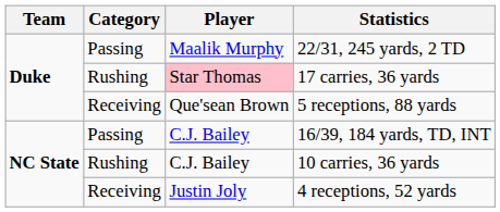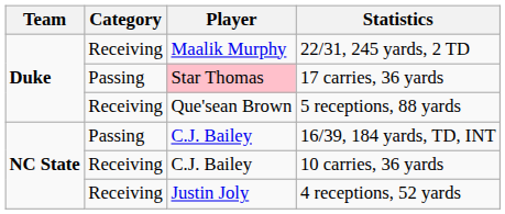 <table class="wikitable" style="float: right;">
 <tr>
 <th>Team</th>
 <th>Category</th>
 <th>Player</th>
 <th>Statistics</th>
 </tr>
 <tr>
 <td rowspan=3><strong>Duke</strong></td>
-<td>Passing</td>
+<td>Receiving</td>
 <td><a href='#'>Maalik Murphy</a></td>
 <td>22/31, 245 yards, 2 TD</td>
 </tr>
 <tr>
-<td>Rushing</td>
+<td>Passing</td>
 <td style="background: pink;">Star Thomas</td>
 <td>17 carries, 36 yards</td>
 </tr>
 <tr>
 <td>Receiving</td>
 <td>Que'sean Brown</td>
 <td>5 receptions, 88 yards</td>
 </tr>
 <tr>
 <td rowspan=3><strong>NC State</strong></td>
 <td>Passing</td>
 <td><a href='#'>C.J. Bailey</a></td>
 <td>16/39, 184 yards, TD, INT</td>
 </tr>
 <tr>
-<td>Rushing</td>
+<td>Receiving</td>
 <td>C.J. Bailey</td>
 <td>10 carries, 36 yards</td>
 </tr>
 <tr>
 <td>Receiving</td>
 <td><a href='#'>Justin Joly</a></td>
 <td>4 receptions, 52 yards</td>
 </tr>
 </table>
